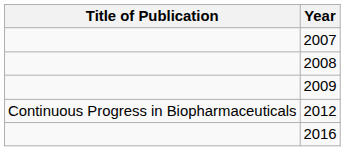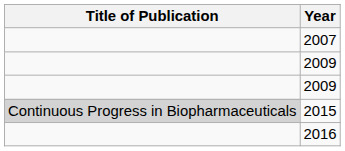 <table class="wikitable">
 <tr>
 <th>Title of Publication</th>
 <th>Year</th>
 </tr>
 <tr>
 <td></td>
 <td>2007</td>
 </tr>
 <tr>
 <td></td>
-<td>2008</td>
+<td>2009</td>
 </tr>
 <tr>
 <td></td>
 <td>2009</td>
 </tr>
 <tr>
-<td>Continuous Progress in Biopharmaceuticals</td>
-<td>2012</td>
+<td style="background: lightgrey;">Continuous Progress in Biopharmaceuticals</td>
+<td>2015</td>
 </tr>
 <tr>
 <td></td>
 <td>2016</td>
 </tr>
 </table>
